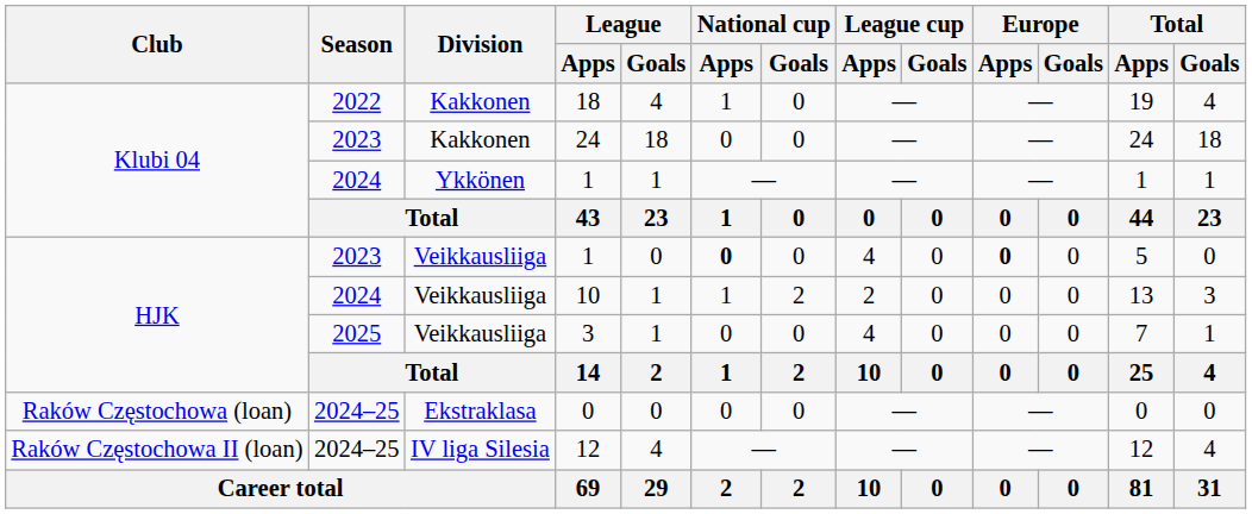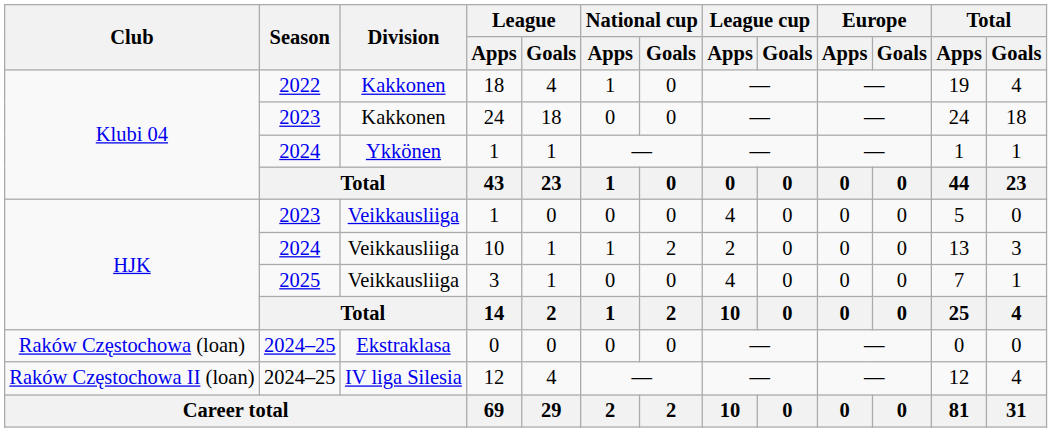 <table class="wikitable" style="text-align:center">
 <tr>
 <th rowspan="2">Club</th>
 <th rowspan="2">Season</th>
 <th rowspan="2">Division</th>
 <th colspan="2">League</th>
 <th colspan="2">National cup</th>
 <th colspan="2">League cup</th>
 <th colspan="2">Europe</th>
 <th colspan="2">Total</th>
 </tr>
 <tr>
 <th>Apps</th>
 <th>Goals</th>
 <th>Apps</th>
 <th>Goals</th>
 <th>Apps</th>
 <th>Goals</th>
 <th>Apps</th>
 <th>Goals</th>
 <th>Apps</th>
 <th>Goals</th>
 </tr>
 <tr>
 <td rowspan="4"><a href='#'>Klubi 04</a></td>
 <td><a href='#'>2022</a></td>
 <td><a href='#'>Kakkonen</a></td>
 <td>18</td>
 <td>4</td>
 <td>1</td>
 <td>0</td>
 <td colspan="2">—</td>
 <td colspan="2">—</td>
 <td>19</td>
 <td>4</td>
 </tr>
 <tr>
 <td><a href='#'>2023</a></td>
 <td>Kakkonen</td>
 <td>24</td>
 <td>18</td>
 <td>0</td>
 <td>0</td>
 <td colspan="2">—</td>
 <td colspan="2">—</td>
 <td>24</td>
 <td>18</td>
 </tr>
 <tr>
 <td><a href='#'>2024</a></td>
 <td><a href='#'>Ykkönen</a></td>
 <td>1</td>
 <td>1</td>
 <td colspan="2">—</td>
 <td colspan="2">—</td>
 <td colspan="2">—</td>
 <td>1</td>
 <td>1</td>
 </tr>
 <tr>
 <th colspan="2">Total</th>
 <th>43</th>
 <th>23</th>
 <th>1</th>
 <th>0</th>
 <th>0</th>
 <th>0</th>
 <th>0</th>
 <th>0</th>
 <th>44</th>
 <th>23</th>
 </tr>
 <tr>
 <td rowspan="4"><a href='#'>HJK</a></td>
 <td><a href='#'>2023</a></td>
 <td><a href='#'>Veikkausliiga</a></td>
 <td>1</td>
 <td>0</td>
-<td><strong>0</strong></td>
+<td>0</td>
 <td>0</td>
 <td>4</td>
 <td>0</td>
-<td><strong>0</strong></td>
+<td>0</td>
 <td>0</td>
 <td>5</td>
 <td>0</td>
 </tr>
 <tr>
 <td><a href='#'>2024</a></td>
 <td>Veikkausliiga</td>
 <td>10</td>
 <td>1</td>
 <td>1</td>
 <td>2</td>
 <td>2</td>
 <td>0</td>
 <td>0</td>
 <td>0</td>
 <td>13</td>
 <td>3</td>
 </tr>
 <tr>
 <td><a href='#'>2025</a></td>
 <td>Veikkausliiga</td>
 <td>3</td>
 <td>1</td>
 <td>0</td>
 <td>0</td>
 <td>4</td>
 <td>0</td>
 <td>0</td>
 <td>0</td>
 <td>7</td>
 <td>1</td>
 </tr>
 <tr>
 <th colspan="2">Total</th>
 <th>14</th>
 <th>2</th>
 <th>1</th>
 <th>2</th>
 <th>10</th>
 <th>0</th>
 <th>0</th>
 <th>0</th>
 <th>25</th>
 <th>4</th>
 </tr>
 <tr>
 <td><a href='#'>Raków Częstochowa</a> (loan)</td>
 <td><a href='#'>2024–25</a></td>
 <td><a href='#'>Ekstraklasa</a></td>
 <td>0</td>
 <td>0</td>
 <td>0</td>
 <td>0</td>
 <td colspan=2>—</td>
 <td colspan=2>—</td>
 <td>0</td>
 <td>0</td>
 </tr>
 <tr>
 <td><a href='#'>Raków Częstochowa II</a> (loan)</td>
 <td>2024–25</td>
 <td><a href='#'>IV liga Silesia</a></td>
 <td>12</td>
 <td>4</td>
 <td colspan=2>—</td>
 <td colspan=2>—</td>
 <td colspan=2>—</td>
 <td>12</td>
 <td>4</td>
 </tr>
 <tr>
 <th colspan="3">Career total</th>
 <th>69</th>
 <th>29</th>
 <th>2</th>
 <th>2</th>
 <th>10</th>
 <th>0</th>
 <th>0</th>
 <th>0</th>
 <th>81</th>
 <th>31</th>
 </tr>
 </table>
